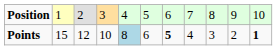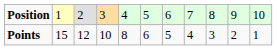 <table class="wikitable" style="font-size: 95%;">
 <tr>
 <td><strong>Position</strong></td>
 <td style="background:#FFFFBF;" width=20>1</td>
 <td style="background:#dfdfdf;" width=20>2</td>
 <td style="background:#FFDF9F;" width=20>3</td>
 <td style="background:#dfffdf;" width=20>4</td>
 <td style="background:#dfffdf;" width=20>5</td>
 <td style="background:#dfffdf;" width=20>6</td>
 <td style="background:#dfffdf;" width=20>7</td>
 <td style="background:#dfffdf;" width=20>8</td>
 <td style="background:#dfffdf;" width=20>9</td>
 <td style="background:#dfffdf;" width=20>10</td>
 </tr>
 <tr>
 <td><strong>Points</strong></td>
 <td>15</td>
 <td>12</td>
 <td>10</td>
-<td style="background: lightblue;">8</td>
+<td>8</td>
 <td>6</td>
-<td><strong>5</strong></td>
+<td>5</td>
 <td>4</td>
 <td>3</td>
 <td>2</td>
-<td><strong>1</strong></td>
+<td>1</td>
 </tr>
 </table>
